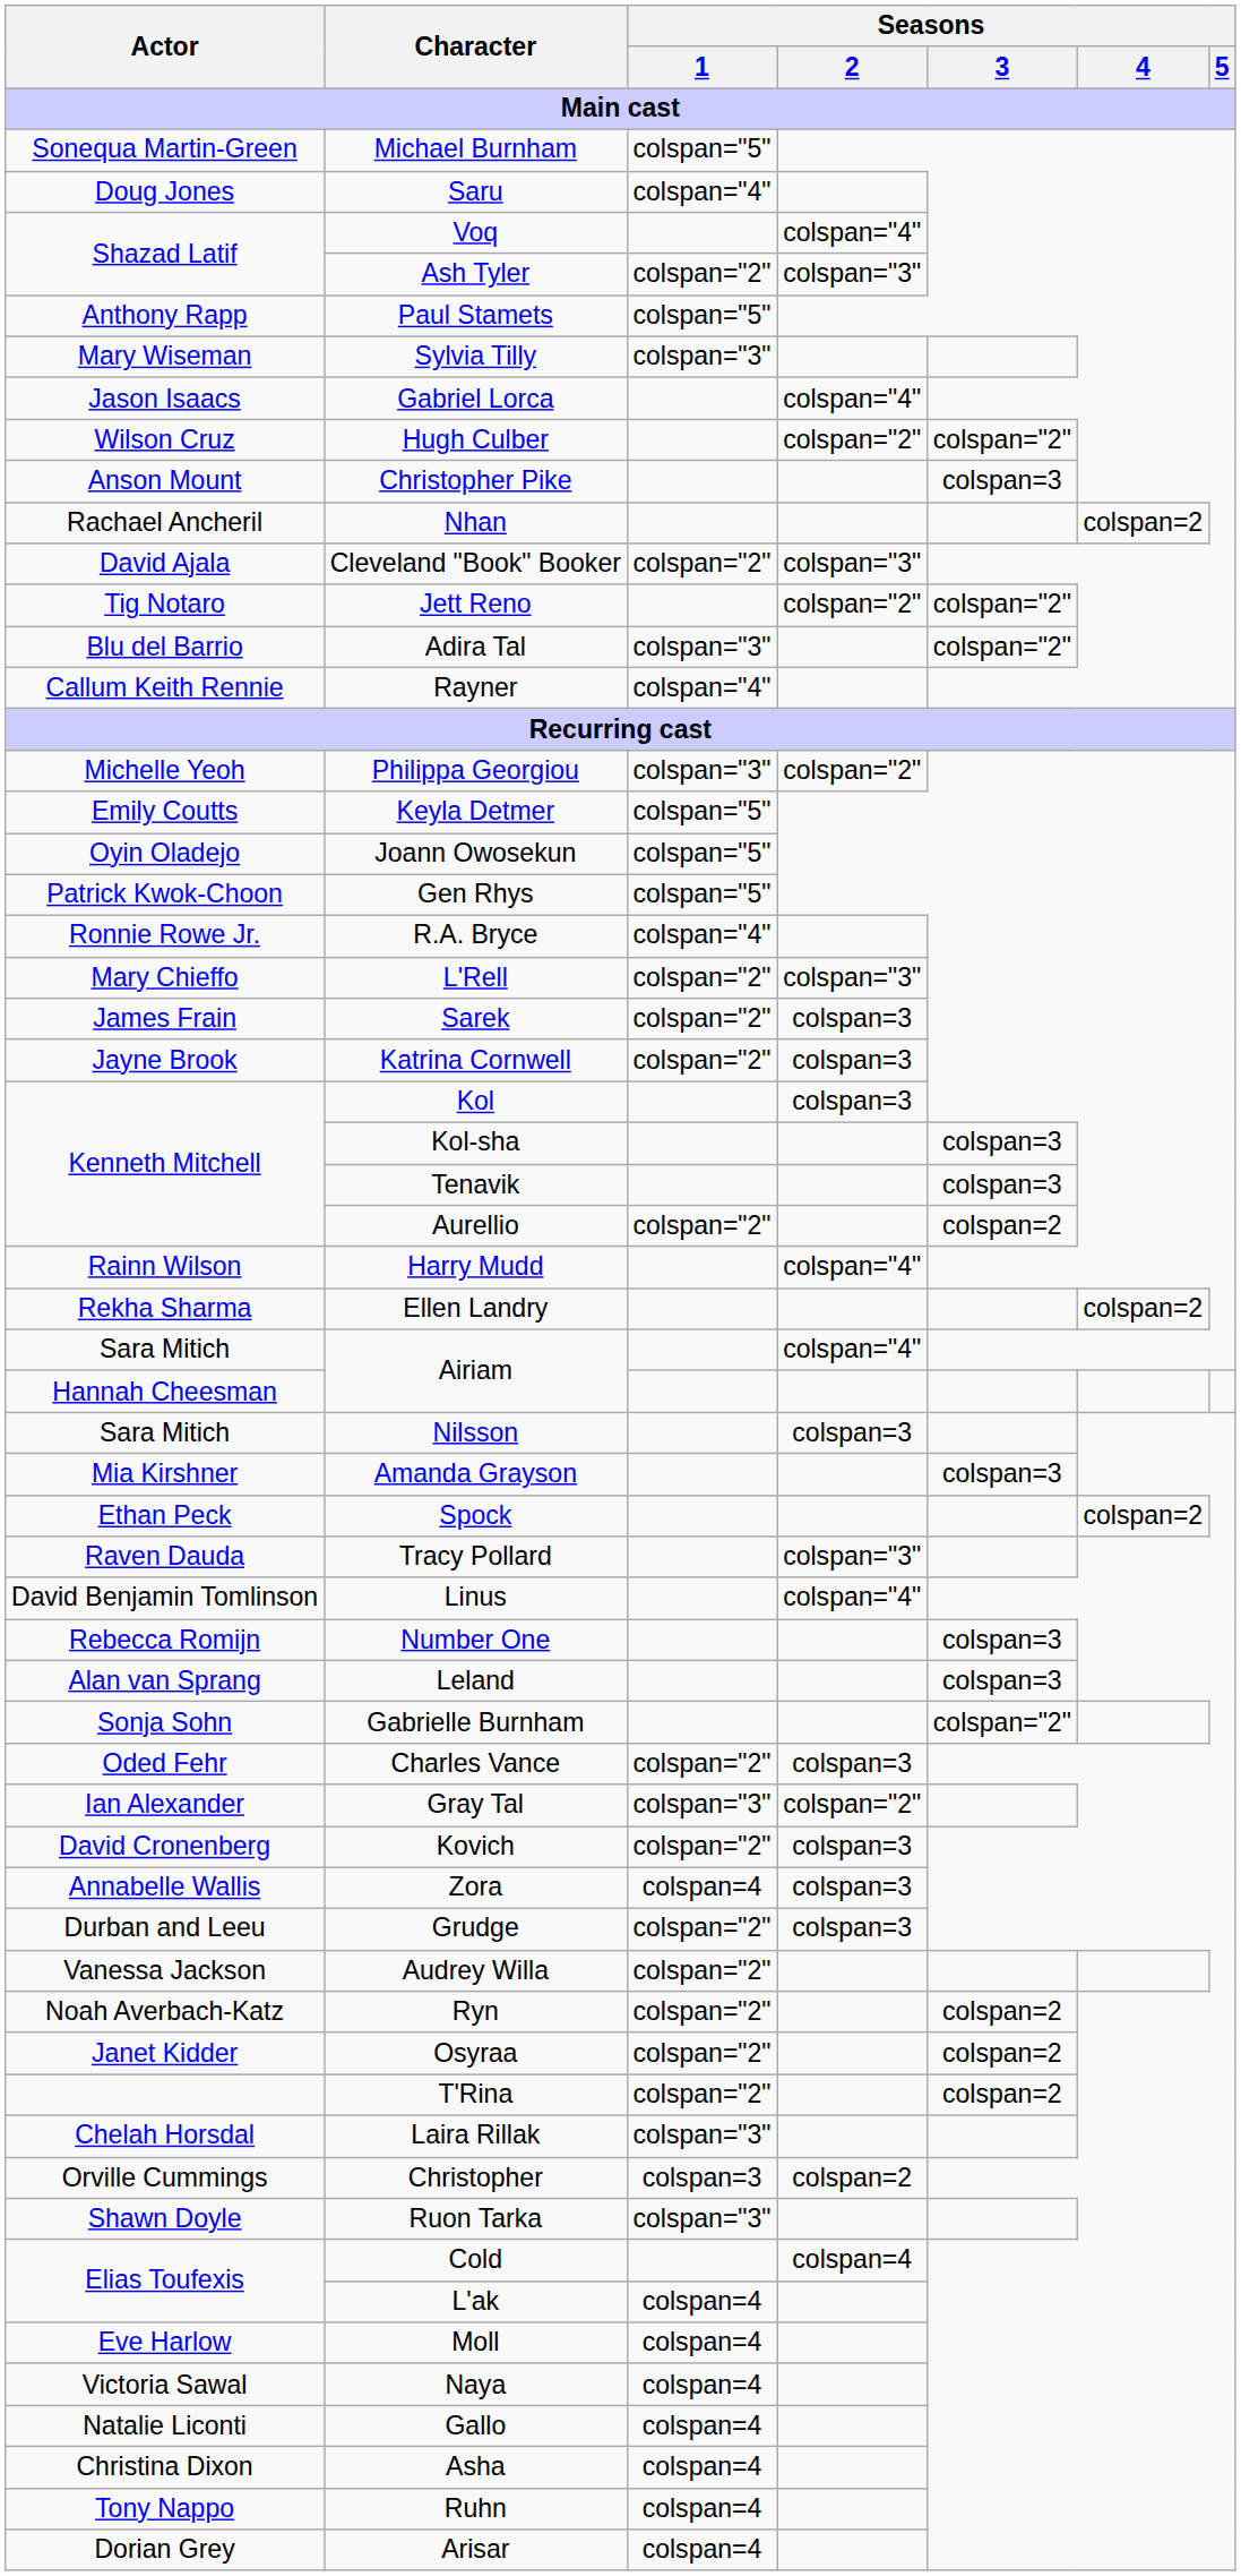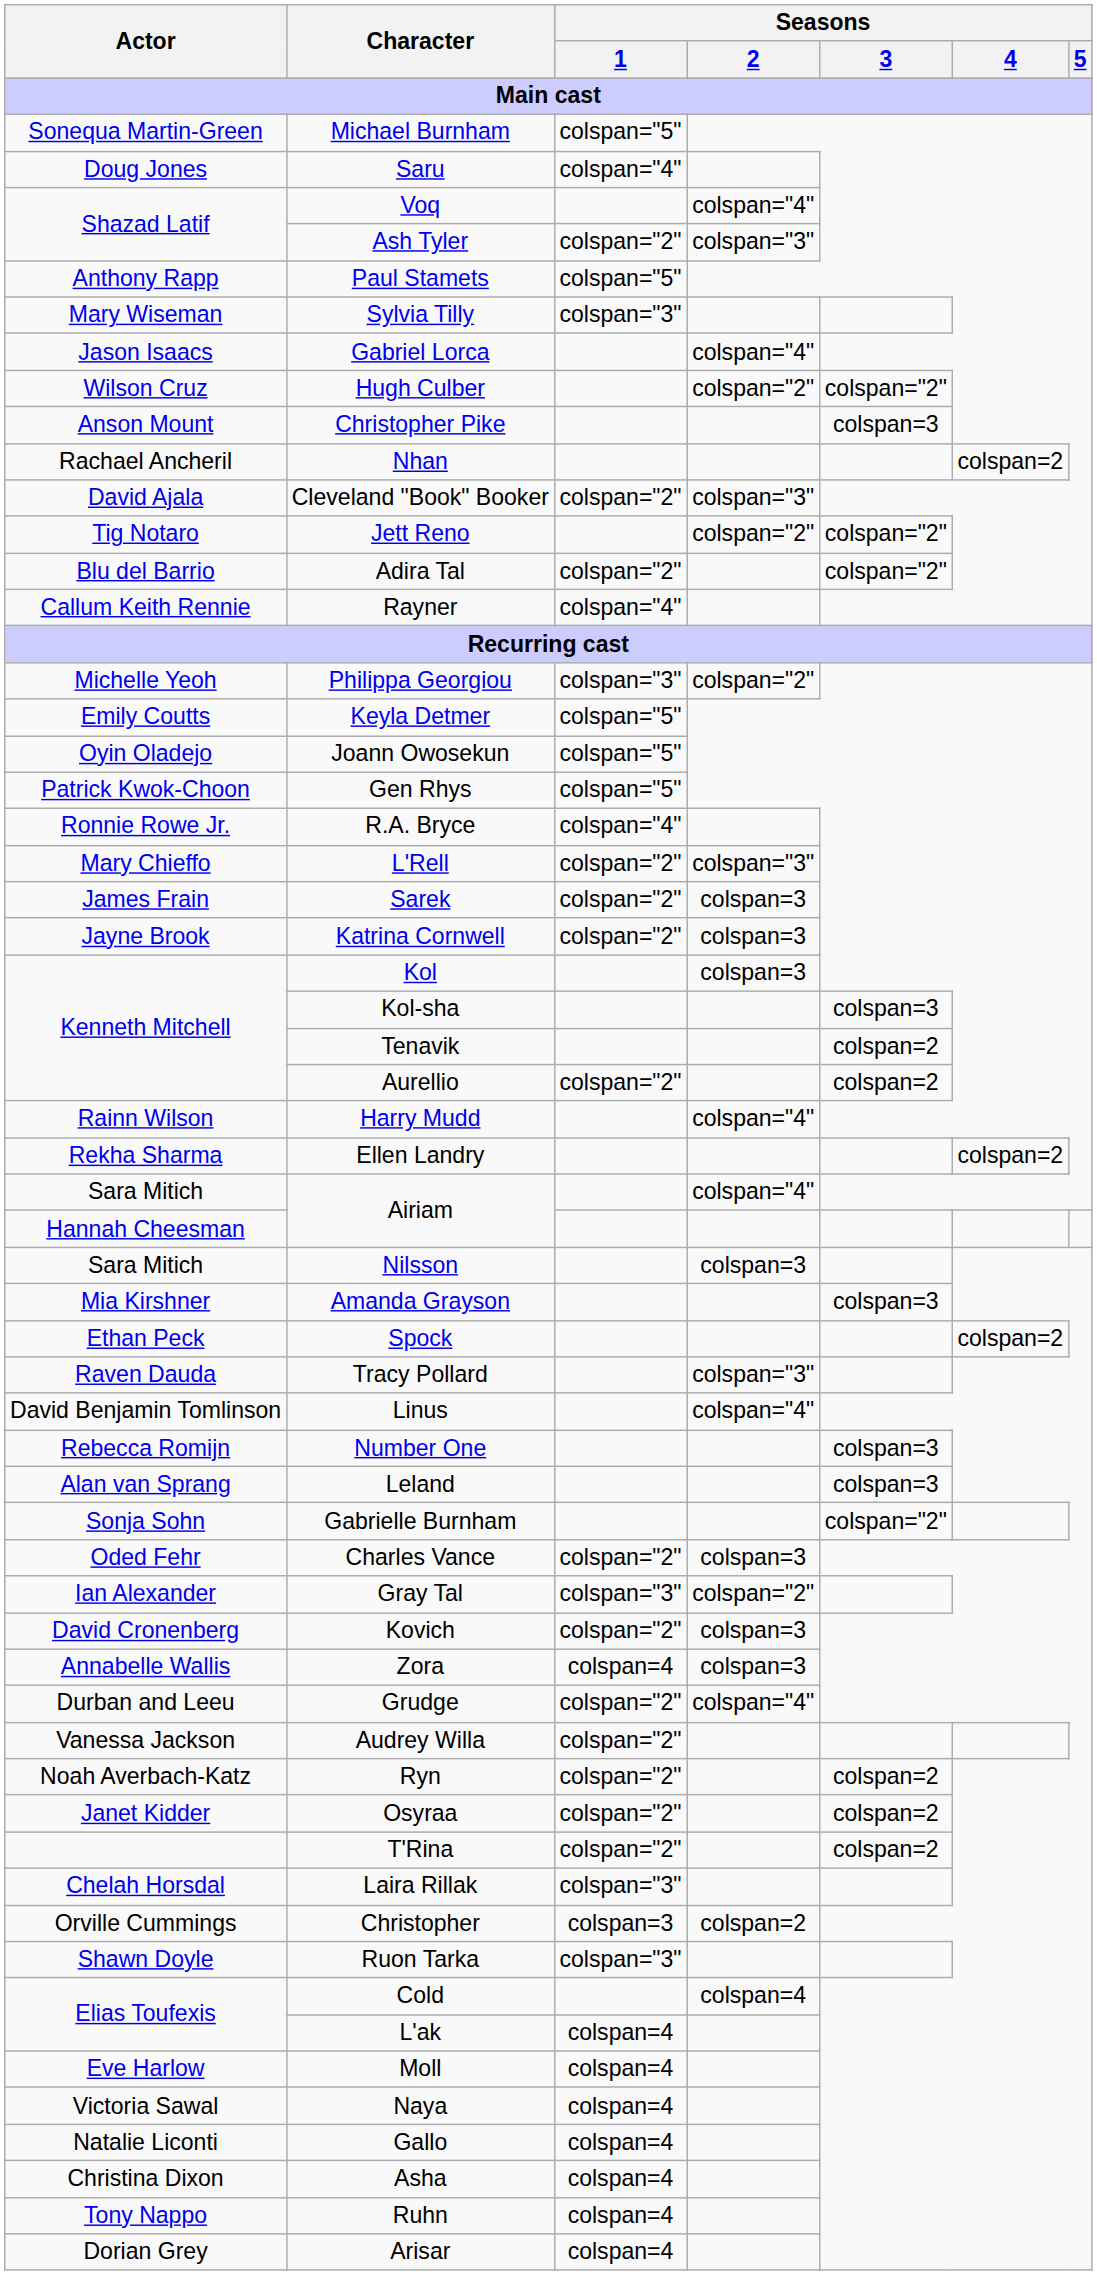 <table class="wikitable" style="text-align:center;">
 <tr>
 <th rowspan="2">Actor</th>
 <th rowspan="2">Character</th>
 <th colspan="5">Seasons</th>
 </tr>
 <tr>
 <th scope="col"><a href='#'>1</a></th>
 <th scope="col"><a href='#'>2</a></th>
 <th scope="col"><a href='#'>3</a></th>
 <th scope="col"><a href='#'>4</a></th>
 <th scope="col"><a href='#'>5</a></th>
 </tr>
 <tr>
 <th colspan="7" style="background-color:#ccccff;">Main cast</th>
 </tr>
 <tr>
 <td><a href='#'>Sonequa Martin-Green</a></td>
 <td scope="row"><a href='#'>Michael Burnham</a></td>
 <td>colspan="5" </td>
 </tr>
 <tr>
 <td><a href='#'>Doug Jones</a></td>
 <td scope="row"><a href='#'>Saru</a></td>
 <td>colspan="4" </td>
 <td></td>
 </tr>
 <tr>
 <td rowspan="2"><a href='#'>Shazad Latif</a></td>
 <td scope="row"><a href='#'>Voq</a></td>
 <td></td>
 <td>colspan="4" </td>
 </tr>
 <tr>
 <td scope="row"><a href='#'>Ash Tyler</a></td>
 <td>colspan="2" </td>
 <td>colspan="3" </td>
 </tr>
 <tr>
 <td><a href='#'>Anthony Rapp</a></td>
 <td scope="row"><a href='#'>Paul Stamets</a></td>
 <td>colspan="5" </td>
 </tr>
 <tr>
 <td><a href='#'>Mary Wiseman</a></td>
 <td scope="row"><a href='#'>Sylvia Tilly</a></td>
 <td>colspan="3" </td>
 <td></td>
 <td></td>
 </tr>
 <tr>
 <td><a href='#'>Jason Isaacs</a></td>
 <td scope="row"><a href='#'>Gabriel Lorca</a></td>
 <td></td>
 <td>colspan="4" </td>
 </tr>
 <tr>
 <td><a href='#'>Wilson Cruz</a></td>
 <td scope="row"><a href='#'>Hugh Culber</a></td>
 <td></td>
 <td>colspan="2" </td>
 <td>colspan="2" </td>
 </tr>
 <tr>
 <td><a href='#'>Anson Mount</a></td>
 <td scope="row"><a href='#'>Christopher Pike</a></td>
 <td></td>
 <td></td>
 <td>colspan=3 </td>
 </tr>
 <tr>
 <td>Rachael Ancheril</td>
 <td scope="row"><a href='#'>Nhan</a></td>
 <td></td>
 <td></td>
 <td></td>
 <td>colspan=2 </td>
 </tr>
 <tr>
 <td><a href='#'>David Ajala</a></td>
 <td scope="row">Cleveland "Book" Booker</td>
 <td>colspan="2" </td>
 <td>colspan="3" </td>
 </tr>
 <tr>
 <td><a href='#'>Tig Notaro</a></td>
 <td scope="row"><a href='#'>Jett Reno</a></td>
 <td></td>
 <td>colspan="2" </td>
 <td>colspan="2" </td>
 </tr>
 <tr>
 <td><a href='#'>Blu del Barrio</a></td>
 <td scope="row">Adira Tal</td>
-<td>colspan="3" </td>
+<td>colspan="2" </td>
 <td></td>
 <td>colspan="2" </td>
 </tr>
 <tr>
 <td><a href='#'>Callum Keith Rennie</a></td>
 <td scope="row">Rayner</td>
 <td>colspan="4" </td>
 <td></td>
 </tr>
 <tr>
 <th colspan="7" style="background-color:#ccccff;">Recurring cast</th>
 </tr>
 <tr>
 <td><a href='#'>Michelle Yeoh</a></td>
 <td><a href='#'>Philippa Georgiou</a></td>
 <td>colspan="3" </td>
 <td>colspan="2" </td>
 </tr>
 <tr>
 <td><a href='#'>Emily Coutts</a></td>
 <td scope="row"><a href='#'>Keyla Detmer</a></td>
 <td>colspan="5" </td>
 </tr>
 <tr>
 <td><a href='#'>Oyin Oladejo</a></td>
 <td scope="row">Joann Owosekun</td>
 <td>colspan="5" </td>
 </tr>
 <tr>
 <td><a href='#'>Patrick Kwok-Choon</a></td>
 <td scope="row">Gen Rhys</td>
 <td>colspan="5" </td>
 </tr>
 <tr>
 <td><a href='#'>Ronnie Rowe Jr.</a></td>
 <td scope="row">R.A. Bryce</td>
 <td>colspan="4" </td>
 <td></td>
 </tr>
 <tr>
 <td><a href='#'>Mary Chieffo</a></td>
 <td scope="row"><a href='#'>L'Rell</a></td>
 <td>colspan="2"</td>
 <td>colspan="3" </td>
 </tr>
 <tr>
 <td><a href='#'>James Frain</a></td>
 <td scope="row"><a href='#'>Sarek</a></td>
 <td>colspan="2" </td>
 <td>colspan=3 </td>
 </tr>
 <tr>
 <td><a href='#'>Jayne Brook</a></td>
 <td scope="row"><a href='#'>Katrina Cornwell</a></td>
 <td>colspan="2" </td>
 <td>colspan=3 </td>
 </tr>
 <tr>
 <td rowspan="4"><a href='#'>Kenneth Mitchell</a></td>
 <td scope="row"><a href='#'>Kol</a></td>
 <td></td>
 <td>colspan=3 </td>
 </tr>
 <tr>
 <td scope="row">Kol-sha</td>
 <td></td>
 <td></td>
 <td>colspan=3 </td>
 </tr>
 <tr>
 <td scope="row">Tenavik</td>
 <td></td>
 <td></td>
-<td>colspan=3 </td>
+<td>colspan=2 </td>
 </tr>
 <tr>
 <td>Aurellio</td>
 <td>colspan="2" </td>
 <td></td>
 <td>colspan=2 </td>
 </tr>
 <tr>
 <td><a href='#'>Rainn Wilson</a></td>
 <td scope="row"><a href='#'>Harry Mudd</a></td>
 <td></td>
 <td>colspan="4" </td>
 </tr>
 <tr>
 <td><a href='#'>Rekha Sharma</a></td>
 <td scope="row">Ellen Landry</td>
 <td></td>
 <td></td>
 <td></td>
 <td>colspan=2 </td>
 </tr>
 <tr>
 <td>Sara Mitich</td>
 <td rowspan="2" scope="row">Airiam</td>
 <td></td>
 <td>colspan="4" </td>
 </tr>
 <tr>
 <td><a href='#'>Hannah Cheesman</a></td>
 <td></td>
 <td></td>
 <td></td>
 <td></td>
 <td></td>
 </tr>
 <tr>
 <td>Sara Mitich</td>
 <td scope="row"><a href='#'>Nilsson</a></td>
 <td></td>
 <td>colspan=3 </td>
 <td></td>
 </tr>
 <tr>
 <td><a href='#'>Mia Kirshner</a></td>
 <td scope="row"><a href='#'>Amanda Grayson</a></td>
 <td></td>
 <td></td>
 <td>colspan=3 </td>
 </tr>
 <tr>
 <td><a href='#'>Ethan Peck</a></td>
 <td scope="row"><a href='#'>Spock</a></td>
 <td></td>
 <td></td>
 <td></td>
 <td>colspan=2 </td>
 </tr>
 <tr>
 <td><a href='#'>Raven Dauda</a></td>
 <td scope="row">Tracy Pollard</td>
 <td></td>
 <td>colspan="3" </td>
 <td></td>
 </tr>
 <tr>
 <td>David Benjamin Tomlinson</td>
 <td scope="row">Linus</td>
 <td></td>
 <td>colspan="4" </td>
 </tr>
 <tr>
 <td><a href='#'>Rebecca Romijn</a></td>
 <td scope="row"><a href='#'>Number One</a></td>
 <td></td>
 <td></td>
 <td>colspan=3 </td>
 </tr>
 <tr>
 <td><a href='#'>Alan van Sprang</a></td>
 <td scope="row">Leland</td>
 <td></td>
 <td></td>
 <td>colspan=3 </td>
 </tr>
 <tr>
 <td><a href='#'>Sonja Sohn</a></td>
 <td scope="row">Gabrielle Burnham</td>
 <td></td>
 <td></td>
 <td>colspan="2" </td>
 <td></td>
 </tr>
 <tr>
 <td><a href='#'>Oded Fehr</a></td>
 <td scope="row">Charles Vance</td>
 <td>colspan="2" </td>
 <td>colspan=3 </td>
 </tr>
 <tr>
 <td><a href='#'>Ian Alexander</a></td>
 <td>Gray Tal</td>
 <td>colspan="3" </td>
 <td>colspan="2"</td>
 <td></td>
 </tr>
 <tr>
 <td><a href='#'>David Cronenberg</a></td>
 <td scope="row">Kovich</td>
 <td>colspan="2" </td>
 <td>colspan=3 </td>
 </tr>
 <tr>
 <td><a href='#'>Annabelle Wallis</a> </td>
 <td scope="row">Zora</td>
 <td>colspan=4 </td>
 <td>colspan=3 </td>
 </tr>
 <tr>
 <td>Durban and Leeu</td>
 <td scope="row">Grudge</td>
 <td>colspan="2" </td>
-<td>colspan=3 </td>
+<td>colspan="4" </td>
 </tr>
 <tr>
 <td>Vanessa Jackson</td>
 <td scope="row">Audrey Willa</td>
 <td>colspan="2" </td>
 <td></td>
 <td></td>
 <td></td>
 </tr>
 <tr>
 <td>Noah Averbach-Katz</td>
 <td scope="row">Ryn</td>
 <td>colspan="2" </td>
 <td></td>
 <td>colspan=2 </td>
 </tr>
 <tr>
 <td><a href='#'>Janet Kidder</a></td>
 <td scope="row">Osyraa</td>
 <td>colspan="2" </td>
 <td></td>
 <td>colspan=2 </td>
 </tr>
 <tr>
 <td></td>
 <td scope="row">T'Rina</td>
 <td>colspan="2" </td>
 <td></td>
 <td>colspan=2 </td>
 </tr>
 <tr>
 <td><a href='#'>Chelah Horsdal</a></td>
 <td scope="row">Laira Rillak</td>
 <td>colspan="3" </td>
 <td></td>
 <td></td>
 </tr>
 <tr>
 <td>Orville Cummings</td>
 <td scope="row">Christopher</td>
 <td>colspan=3 </td>
 <td>colspan=2 </td>
 </tr>
 <tr>
 <td><a href='#'>Shawn Doyle</a></td>
 <td scope="row">Ruon Tarka</td>
 <td>colspan="3" </td>
 <td></td>
 <td></td>
 </tr>
 <tr>
 <td rowspan=2><a href='#'>Elias Toufexis</a></td>
 <td scope="row">Cold</td>
 <td></td>
 <td>colspan=4 </td>
 </tr>
 <tr>
 <td scope="row">L'ak</td>
 <td>colspan=4 </td>
 <td></td>
 </tr>
 <tr>
 <td><a href='#'>Eve Harlow</a></td>
 <td scope="row">Moll</td>
 <td>colspan=4 </td>
 <td></td>
 </tr>
 <tr>
 <td>Victoria Sawal</td>
 <td scope="row">Naya</td>
 <td>colspan=4 </td>
 <td></td>
 </tr>
 <tr>
 <td>Natalie Liconti</td>
 <td scope="row">Gallo</td>
 <td>colspan=4 </td>
 <td></td>
 </tr>
 <tr>
 <td>Christina Dixon</td>
 <td scope="row">Asha</td>
 <td>colspan=4 </td>
 <td></td>
 </tr>
 <tr>
 <td><a href='#'>Tony Nappo</a></td>
 <td scope="row">Ruhn</td>
 <td>colspan=4 </td>
 <td></td>
 </tr>
 <tr>
 <td>Dorian Grey</td>
 <td scope="row">Arisar</td>
 <td>colspan=4 </td>
 <td></td>
 </tr>
 </table>
